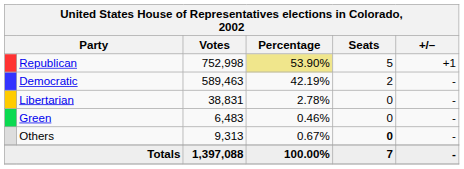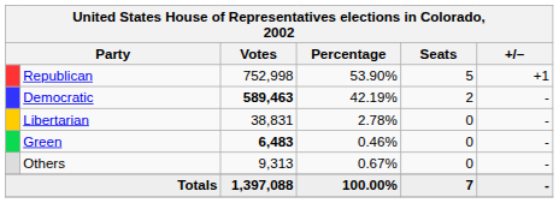 <table class="wikitable" style="font-size: 95%;">
 <tr>
 <th colspan="6">United States House of Representatives elections in Colorado,<br>2002</th>
 </tr>
 <tr>
 <th colspan=2 style="width: 15em">Party</th>
 <th style="width: 5em">Votes</th>
 <th style="width: 7em">Percentage</th>
 <th style="width: 5em">Seats</th>
 <th style="width: 5em">+/–</th>
 </tr>
 <tr>
 <th style="background-color:#FF3333; width: 3px"></th>
 <td style="width: 130px"><a href='#'>Republican</a></td>
 <td align="right">752,998</td>
-<td align="right" style="background: khaki;">53.90%</td>
+<td align="right">53.90%</td>
 <td align="right">5</td>
 <td align="right">+1</td>
 </tr>
 <tr>
 <th style="background-color:#3333FF; width: 3px"></th>
 <td style="width: 130px"><a href='#'>Democratic</a></td>
-<td align="right">589,463</td>
+<td align="right"><strong>589,463</strong></td>
 <td align="right">42.19%</td>
 <td align="right">2</td>
 <td align="right">-</td>
 </tr>
 <tr>
 <th style="background-color:#FFCC00; width: 3px"></th>
 <td style="width: 130px"><a href='#'>Libertarian</a></td>
 <td align="right">38,831</td>
 <td align="right">2.78%</td>
 <td align="right">0</td>
 <td align="right">-</td>
 </tr>
 <tr>
 <th style="background-color:#0BDA51; width: 3px"></th>
 <td style="width: 130px"><a href='#'>Green</a></td>
-<td align="right">6,483</td>
+<td align="right"><strong>6,483</strong></td>
 <td align="right">0.46%</td>
 <td align="right">0</td>
 <td align="right">-</td>
 </tr>
 <tr>
 <th style="background-color:#DDDDDD; width: 3px"></th>
 <td style="width: 130px">Others</td>
 <td align="right">9,313</td>
 <td align="right">0.67%</td>
-<td align="right"><strong>0</strong></td>
+<td align="right">0</td>
 <td align="right">-</td>
 </tr>
 <tr>
 </tr>
 <tr bgcolor="#EEEEEE">
 <td colspan="2" align="right"><strong>Totals</strong></td>
 <td align="right"><strong>1,397,088</strong></td>
 <td align="right"><strong>100.00%</strong></td>
 <td align="right"><strong>7</strong></td>
 <td align="right"><strong>-</strong></td>
 </tr>
 <tr bgcolor="#EEEEEE">
 </tr>
 </table>
